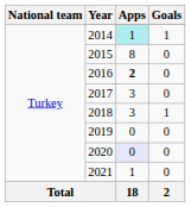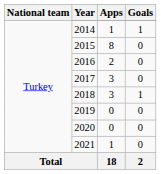 <table class="wikitable" style="text-align:center">
 <tr>
 <th>National team</th>
 <th>Year</th>
 <th>Apps</th>
 <th>Goals</th>
 </tr>
 <tr>
 <td rowspan=9><a href='#'>Turkey</a></td>
 </tr>
 <tr>
 <td>2014</td>
-<td style="background: paleturquoise;">1</td>
+<td>1</td>
 <td>1</td>
 </tr>
 <tr>
 <td>2015</td>
 <td>8</td>
 <td>0</td>
 </tr>
 <tr>
 <td>2016</td>
-<td><strong>2</strong></td>
+<td>2</td>
 <td>0</td>
 </tr>
 <tr>
 <td>2017</td>
 <td>3</td>
 <td>0</td>
 </tr>
 <tr>
 <td>2018</td>
 <td>3</td>
 <td>1</td>
 </tr>
 <tr>
 <td>2019</td>
 <td>0</td>
 <td>0</td>
 </tr>
 <tr>
 <td>2020</td>
-<td style="background: lavender;">0</td>
+<td>0</td>
 <td>0</td>
 </tr>
 <tr>
 <td>2021</td>
 <td>1</td>
 <td>0</td>
 </tr>
 <tr>
 <th colspan=2>Total</th>
 <th>18</th>
 <th>2</th>
 </tr>
 </table>
